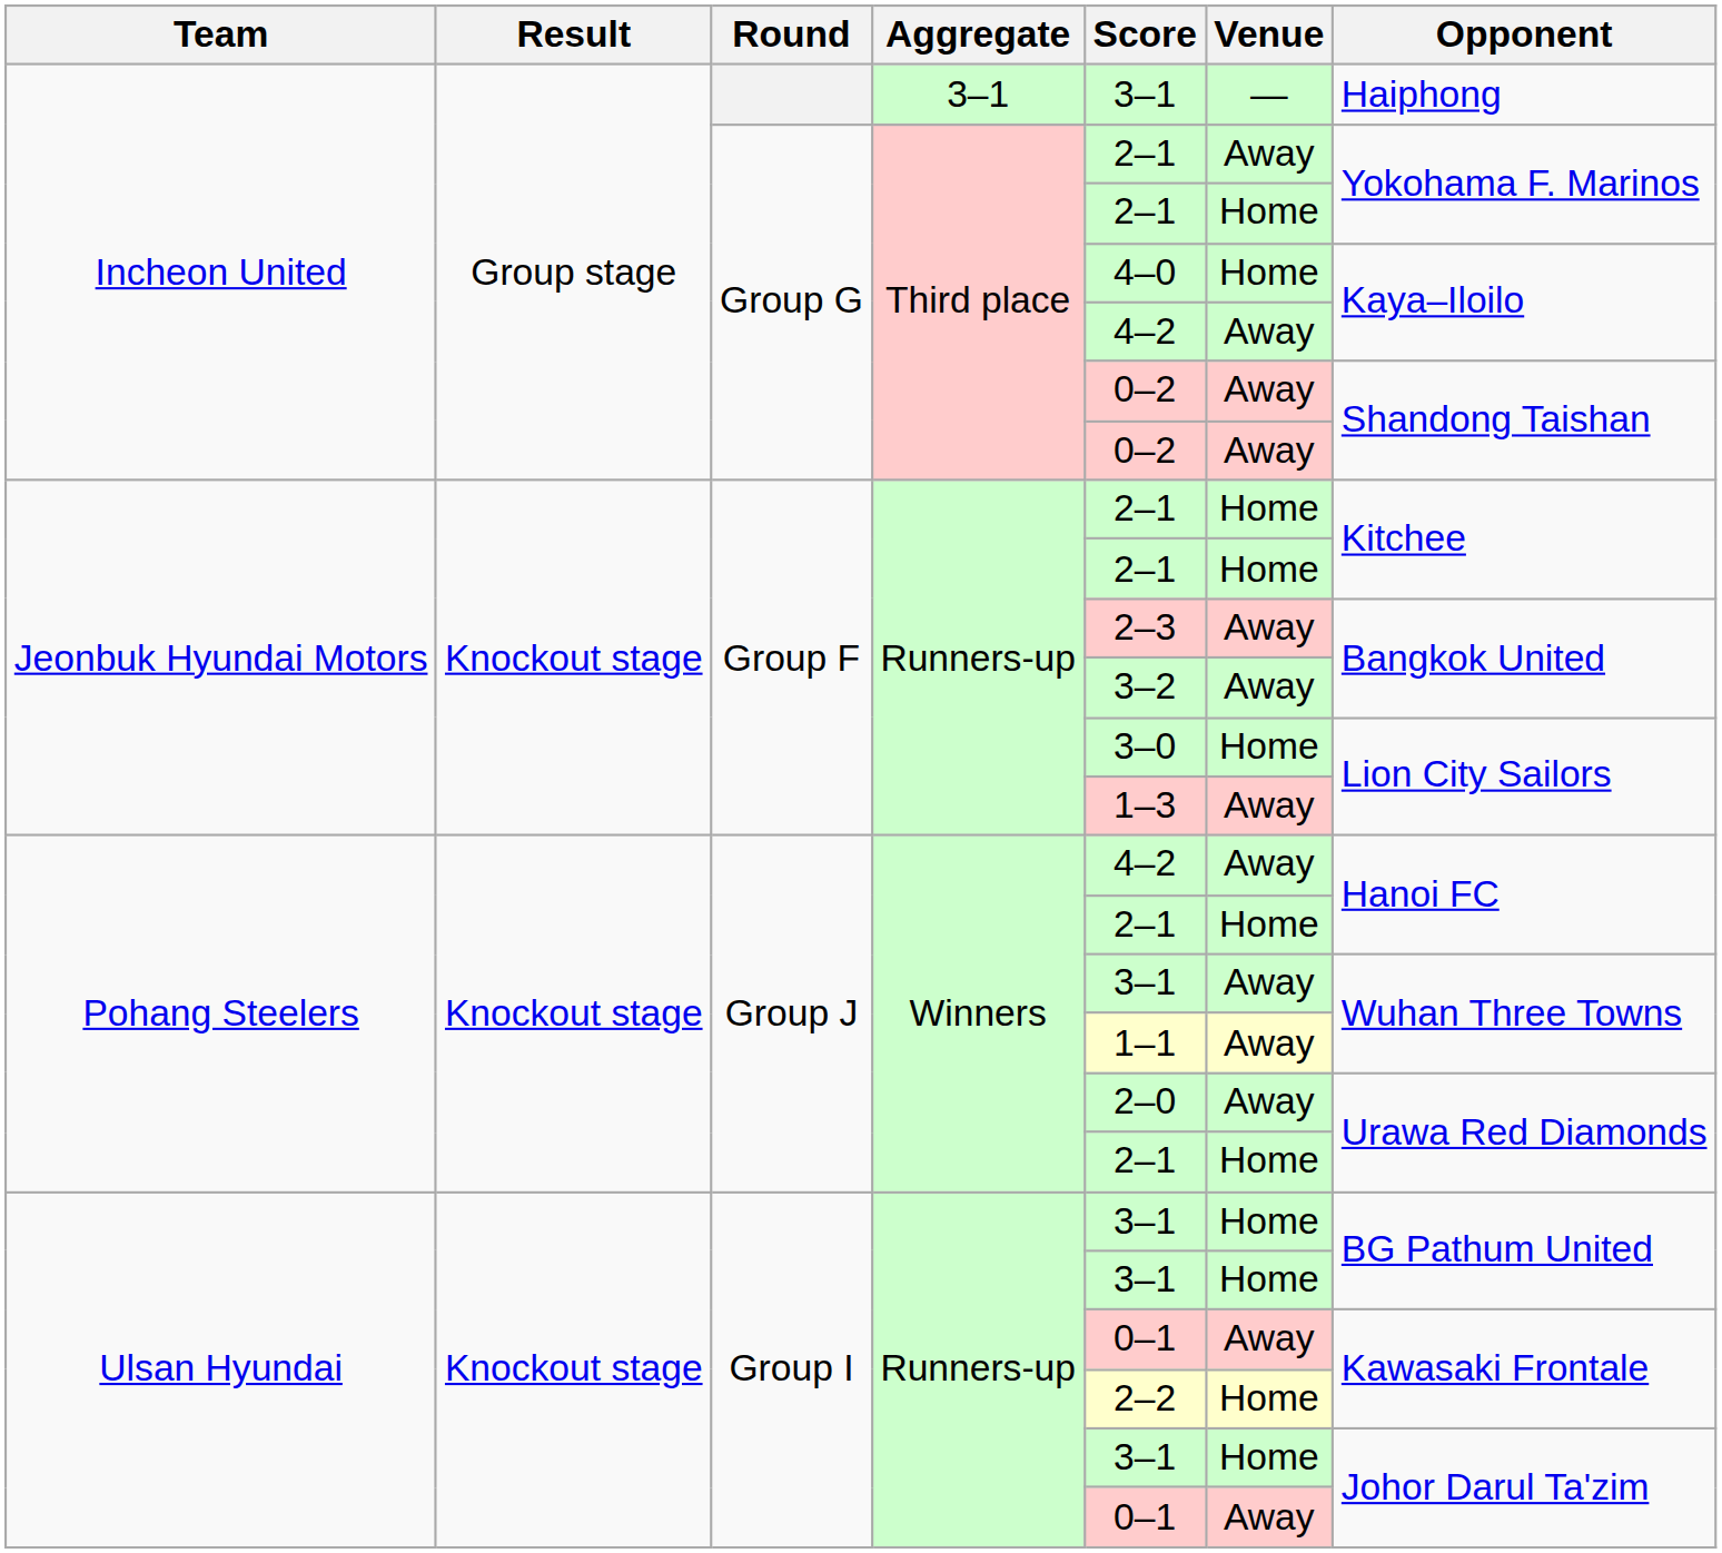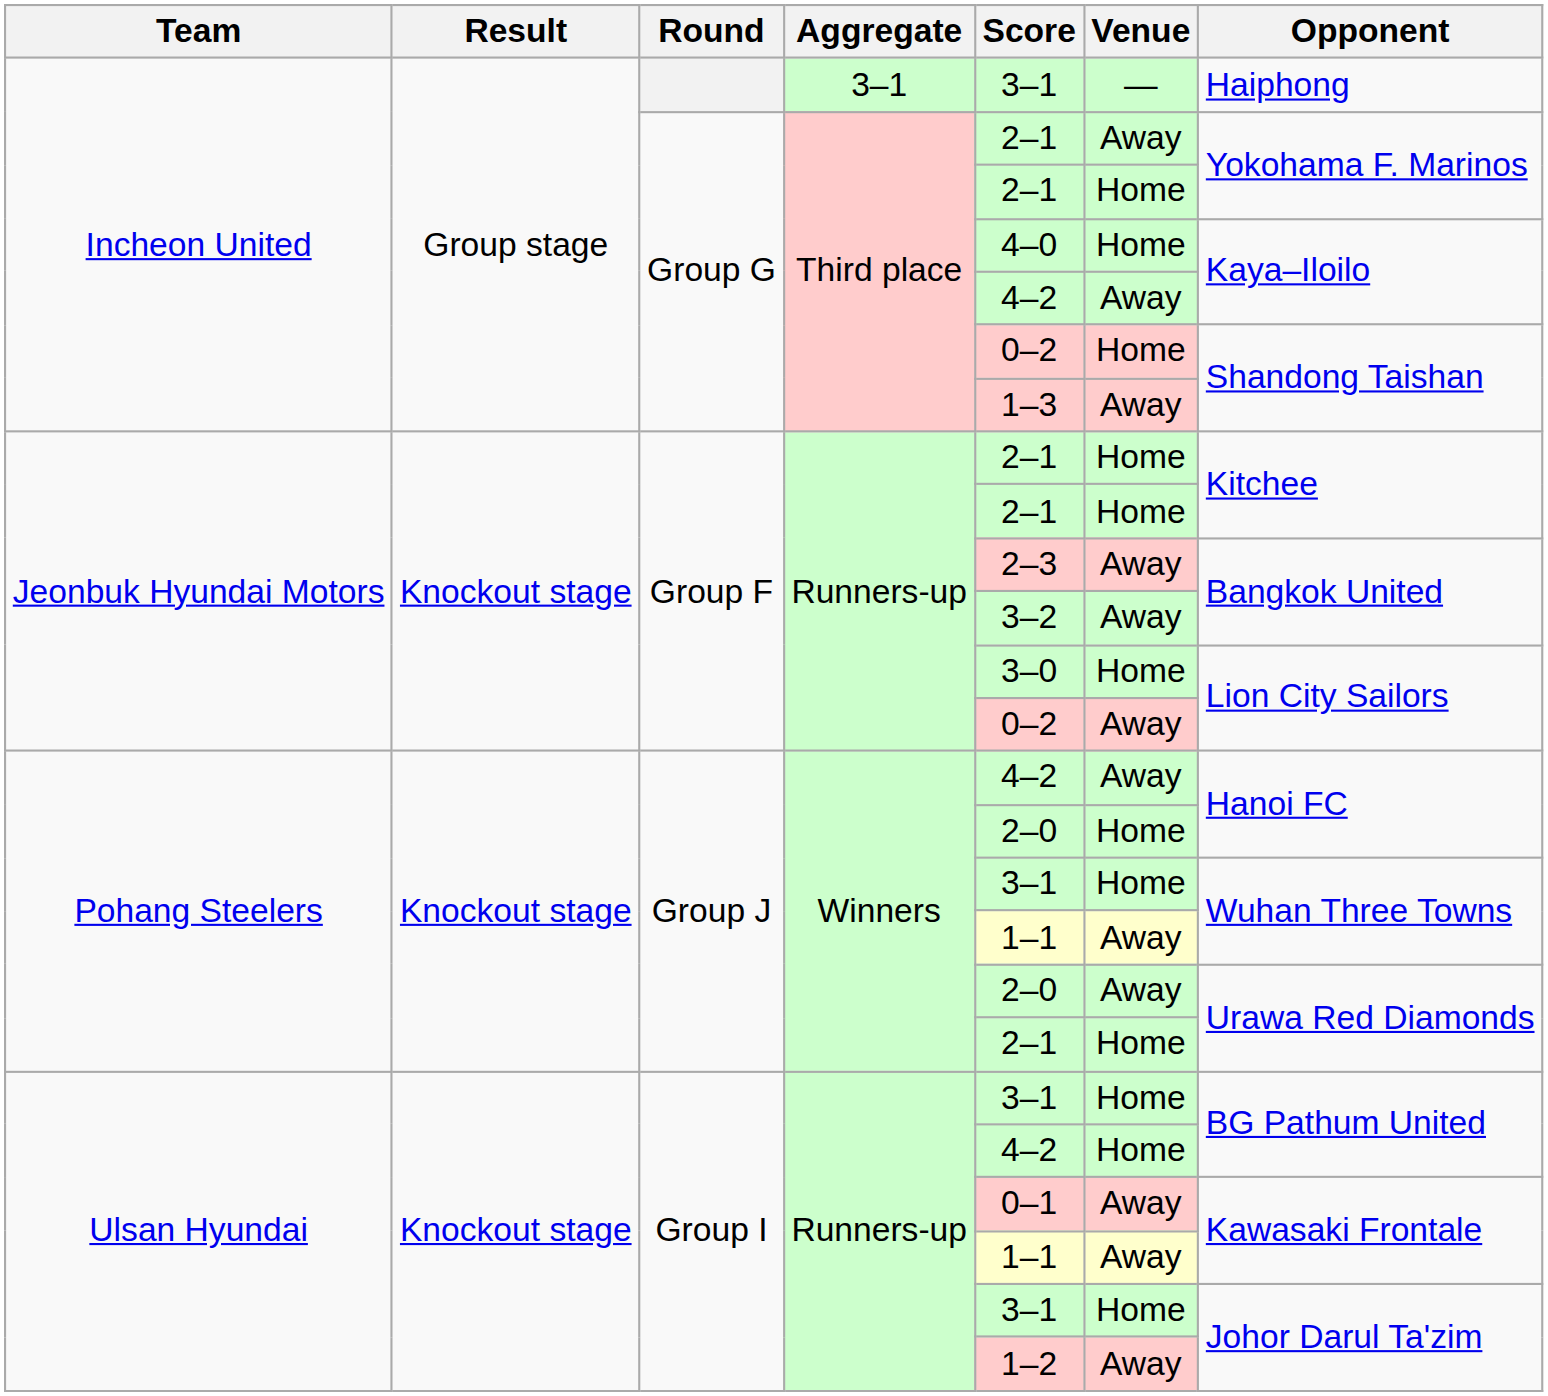 <table class="wikitable" style="text-align:center;">
 <tr>
 <th>Team</th>
 <th>Result</th>
 <th>Round</th>
 <th>Aggregate</th>
 <th>Score</th>
 <th>Venue</th>
 <th>Opponent</th>
 </tr>
 <tr>
 <td rowspan="7"><a href='#'>Incheon United</a></td>
 <td rowspan="7">Group stage</td>
 <th></th>
 <td bgcolor="#cfc">3–1</td>
 <td bgcolor="#cfc">3–1 </td>
 <td bgcolor="#cfc">—</td>
 <td align="left"> <a href='#'>Haiphong</a></td>
 </tr>
 <tr>
 <td rowspan="6">Group G</td>
 <td rowspan="6" bgcolor="#fcc">Third place</td>
 <td bgcolor="#cfc">2–1</td>
 <td bgcolor="#cfc">Away</td>
 <td rowspan="2" align="left"> <a href='#'>Yokohama F. Marinos</a></td>
 </tr>
 <tr>
 <td bgcolor="#cfc">2–1</td>
 <td bgcolor="#cfc">Home</td>
 </tr>
 <tr>
 <td bgcolor="#cfc">4–0</td>
 <td bgcolor="#cfc">Home</td>
 <td rowspan="2" align="left"> <a href='#'>Kaya–Iloilo</a></td>
 </tr>
 <tr>
 <td bgcolor="#cfc">4–2</td>
 <td bgcolor="#cfc">Away</td>
 </tr>
 <tr>
 <td bgcolor="#fcc">0–2</td>
-<td bgcolor="#fcc">Away</td>
+<td bgcolor="#fcc">Home</td>
 <td rowspan="2" align="left"> <a href='#'>Shandong Taishan</a></td>
 </tr>
 <tr>
-<td bgcolor="#fcc">0–2</td>
+<td bgcolor="#fcc">1–3</td>
 <td bgcolor="#fcc">Away</td>
 </tr>
 <tr>
 <td rowspan="6"><a href='#'>Jeonbuk Hyundai Motors</a></td>
 <td rowspan="6"><a href='#'>Knockout stage</a></td>
 <td rowspan="6">Group F</td>
 <td rowspan="6" bgcolor="#cfc">Runners-up</td>
 <td bgcolor="#cfc">2–1</td>
 <td bgcolor="#cfc">Home</td>
 <td rowspan="2" align="left"> <a href='#'>Kitchee</a></td>
 </tr>
 <tr>
 <td bgcolor="#cfc">2–1</td>
 <td bgcolor="#cfc">Home</td>
 </tr>
 <tr>
 <td bgcolor="#fcc">2–3</td>
 <td bgcolor="#fcc">Away</td>
 <td rowspan="2" align="left"> <a href='#'>Bangkok United</a></td>
 </tr>
 <tr>
 <td bgcolor="#cfc">3–2</td>
 <td bgcolor="#cfc">Away</td>
 </tr>
 <tr>
 <td bgcolor="#cfc">3–0</td>
 <td bgcolor="#cfc">Home</td>
 <td rowspan="2" align="left"> <a href='#'>Lion City Sailors</a></td>
 </tr>
 <tr>
-<td bgcolor="#fcc">1–3</td>
+<td bgcolor="#fcc">0–2</td>
 <td bgcolor="#fcc">Away</td>
 </tr>
 <tr>
 <td rowspan="6"><a href='#'>Pohang Steelers</a></td>
 <td rowspan="6"><a href='#'>Knockout stage</a></td>
 <td rowspan="6">Group J</td>
 <td rowspan="6" bgcolor="#cfc">Winners</td>
 <td bgcolor="#cfc">4–2</td>
 <td bgcolor="#cfc">Away</td>
 <td rowspan="2" align="left"> <a href='#'>Hanoi FC</a></td>
 </tr>
 <tr>
-<td bgcolor="#cfc">2–1</td>
+<td bgcolor="#cfc">2–0</td>
 <td bgcolor="#cfc">Home</td>
 </tr>
 <tr>
 <td bgcolor="#cfc">3–1</td>
-<td bgcolor="#cfc">Away</td>
+<td bgcolor="#cfc">Home</td>
 <td rowspan="2" align="left"> <a href='#'>Wuhan Three Towns</a></td>
 </tr>
 <tr>
 <td bgcolor="#ffc">1–1</td>
 <td bgcolor="#ffc">Away</td>
 </tr>
 <tr>
 <td bgcolor="#cfc">2–0</td>
 <td bgcolor="#cfc">Away</td>
 <td rowspan="2" align="left"> <a href='#'>Urawa Red Diamonds</a></td>
 </tr>
 <tr>
 <td bgcolor="#cfc">2–1</td>
 <td bgcolor="#cfc">Home</td>
 </tr>
 <tr>
 <td rowspan="6"><a href='#'>Ulsan Hyundai</a></td>
 <td rowspan="6"><a href='#'>Knockout stage</a></td>
 <td rowspan="6">Group I</td>
 <td rowspan="6" bgcolor="#cfc">Runners-up</td>
 <td bgcolor="#cfc">3–1</td>
 <td bgcolor="#cfc">Home</td>
 <td rowspan="2" align="left"> <a href='#'>BG Pathum United</a></td>
 </tr>
 <tr>
-<td bgcolor="#cfc">3–1</td>
+<td bgcolor="#cfc">4–2</td>
 <td bgcolor="#cfc">Home</td>
 </tr>
 <tr>
 <td bgcolor="#fcc">0–1</td>
 <td bgcolor="#fcc">Away</td>
 <td rowspan="2" align="left"> <a href='#'>Kawasaki Frontale</a></td>
 </tr>
 <tr>
-<td bgcolor="#ffc">2–2</td>
-<td bgcolor="#ffc">Home</td>
+<td bgcolor="#ffc">1–1</td>
+<td bgcolor="#ffc">Away</td>
 </tr>
 <tr>
 <td bgcolor="#cfc">3–1</td>
 <td bgcolor="#cfc">Home</td>
 <td rowspan="2" align="left"> <a href='#'>Johor Darul Ta'zim</a></td>
 </tr>
 <tr>
-<td bgcolor="#fcc">0–1</td>
+<td bgcolor="#fcc">1–2</td>
 <td bgcolor="#fcc">Away</td>
 </tr>
 </table>
